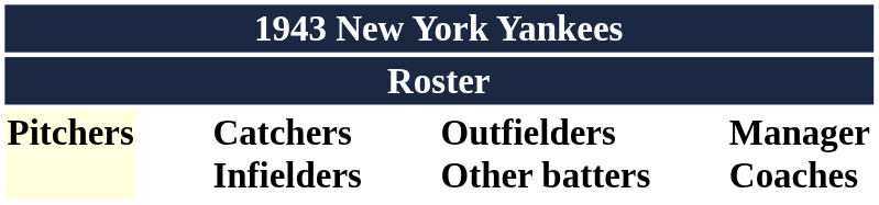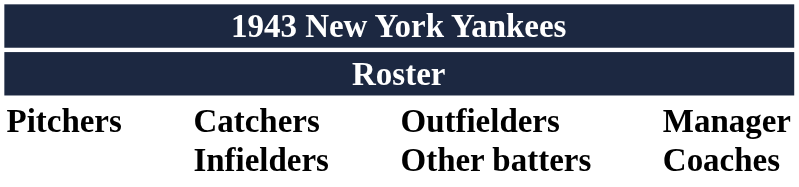 <table class="toccolours" style="font-size: 95%;">
 <tr>
 <th colspan="10" style="background-color: #1c2841; color: white; text-align: center;">1943 New York Yankees</th>
 </tr>
 <tr>
 <td colspan="10" style="background-color: #1c2841; color: white; text-align: center;"><strong>Roster</strong></td>
 </tr>
 <tr>
-<td valign="top" style="background: lightyellow;"><strong>Pitchers</strong><br>          </td>
+<td valign="top"><strong>Pitchers</strong><br>          </td>
 <td width="25px"></td>
 <td valign="top"><strong>Catchers</strong><br>   <strong>Infielders</strong>      </td>
 <td width="25px"></td>
 <td valign="top"><strong>Outfielders</strong><br>     <strong>Other batters</strong> </td>
 <td width="25px"></td>
 <td valign="top"><strong>Manager</strong><br> <strong>Coaches</strong>   </td>
 </tr>
 </table>
